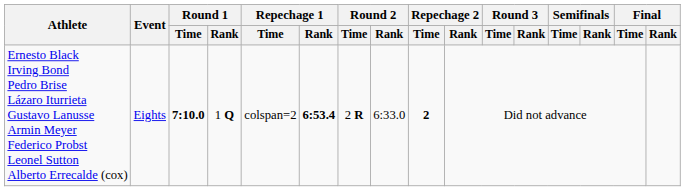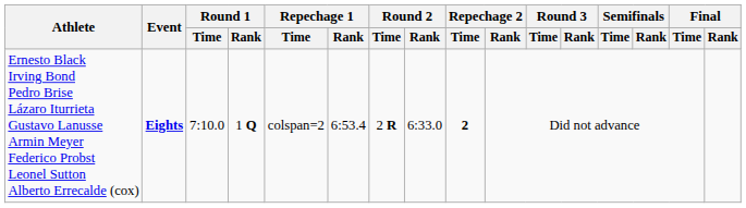 <table class=wikitable style=font-size:90%;text-align:center>
 <tr>
 <th rowspan=2>Athlete</th>
 <th rowspan=2>Event</th>
 <th colspan=2>Round 1</th>
 <th colspan=2>Repechage 1</th>
 <th colspan=2>Round 2</th>
 <th colspan=2>Repechage 2</th>
 <th colspan=2>Round 3</th>
 <th colspan=2>Semifinals</th>
 <th colspan=2>Final</th>
 </tr>
 <tr style=font-size:95%>
 <th>Time</th>
 <th>Rank</th>
 <th>Time</th>
 <th>Rank</th>
 <th>Time</th>
 <th>Rank</th>
 <th>Time</th>
 <th>Rank</th>
 <th>Time</th>
 <th>Rank</th>
 <th>Time</th>
 <th>Rank</th>
 <th>Time</th>
 <th>Rank</th>
 </tr>
 <tr>
 <td align=left><a href='#'>Ernesto Black</a> <br> <a href='#'>Irving Bond</a> <br> <a href='#'>Pedro Brise</a> <br> <a href='#'>Lázaro Iturrieta</a> <br> <a href='#'>Gustavo Lanusse</a> <br> <a href='#'>Armin Meyer</a> <br> <a href='#'>Federico Probst</a> <br> <a href='#'>Leonel Sutton</a> <br> <a href='#'>Alberto Errecalde</a> (cox)</td>
-<td align=left><a href='#'>Eights</a></td>
-<td><strong>7:10.0</strong></td>
+<td align=left><strong><a href='#'>Eights</a></strong></td>
+<td>7:10.0</td>
 <td>1 <strong>Q</strong></td>
 <td>colspan=2 </td>
-<td><strong>6:53.4</strong></td>
+<td>6:53.4</td>
 <td>2 <strong>R</strong></td>
 <td>6:33.0</td>
 <td><strong>2</strong></td>
 <td colspan=6>Did not advance</td>
 </tr>
 </table>
